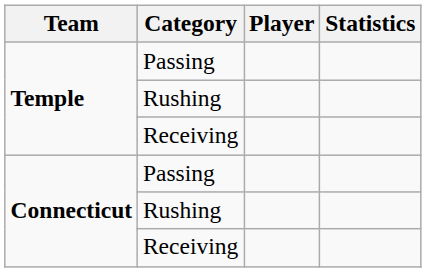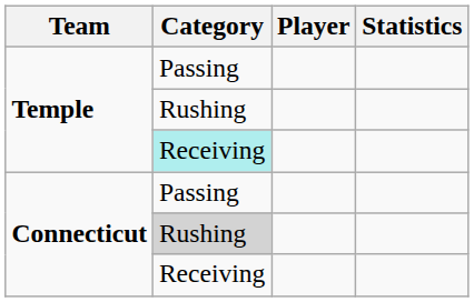 <table class="wikitable" style="float: right;">
 <tr>
 <th>Team</th>
 <th>Category</th>
 <th>Player</th>
 <th>Statistics</th>
 </tr>
 <tr>
 <td rowspan=3><strong>Temple</strong></td>
 <td>Passing</td>
 <td></td>
 <td></td>
 </tr>
 <tr>
 <td>Rushing</td>
 <td></td>
 <td></td>
 </tr>
 <tr>
-<td>Receiving</td>
+<td style="background: paleturquoise;">Receiving</td>
 <td></td>
 <td></td>
 </tr>
 <tr>
 <td rowspan=3><strong>Connecticut</strong></td>
 <td>Passing</td>
 <td></td>
 <td></td>
 </tr>
 <tr>
-<td>Rushing</td>
+<td style="background: lightgrey;">Rushing</td>
 <td></td>
 <td></td>
 </tr>
 <tr>
 <td>Receiving</td>
 <td></td>
 <td></td>
 </tr>
 </table>
